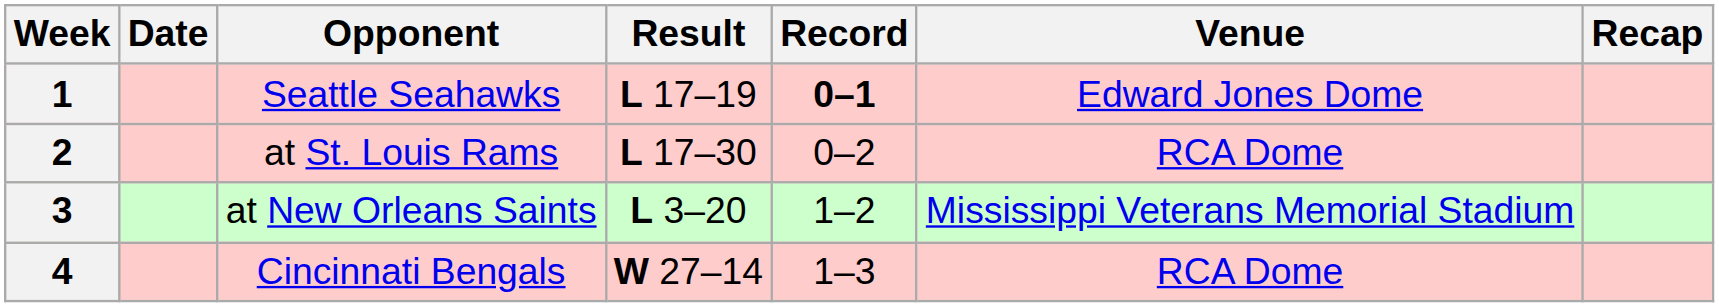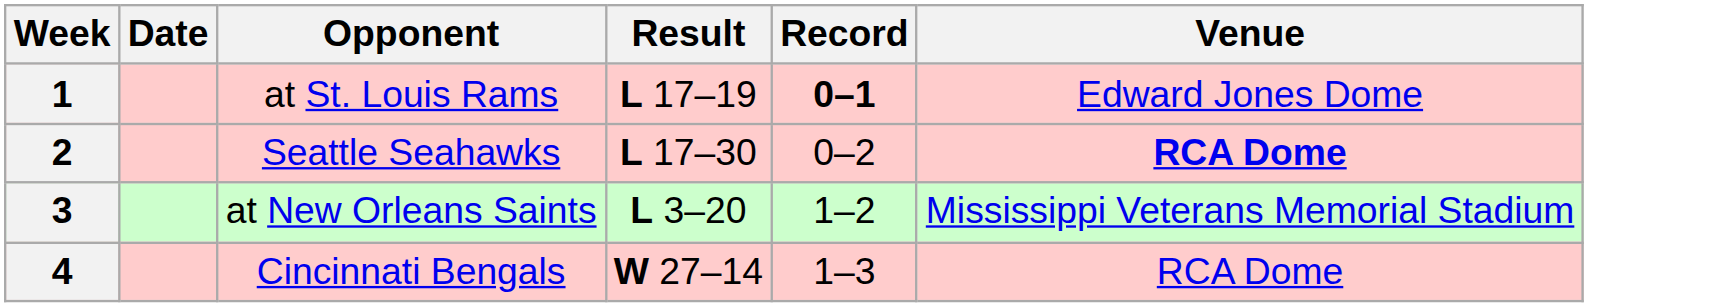 <table class="wikitable" style="text-align:center">
 <tr>
 <th>Week</th>
 <th>Date</th>
 <th>Opponent</th>
 <th>Result</th>
 <th>Record</th>
 <th>Venue</th>
-<th>Recap</th>
 </tr>
 <tr style="background:#fcc;">
 <th>1</th>
 <td></td>
-<td><a href='#'>Seattle Seahawks</a></td>
+<td>at <a href='#'>St. Louis Rams</a></td>
 <td><strong>L</strong> 17–19</td>
 <td><strong>0–1</strong></td>
 <td><a href='#'>Edward Jones Dome</a></td>
-<td></td>
 </tr>
 <tr style="background:#fcc;">
 <th>2</th>
 <td></td>
-<td>at <a href='#'>St. Louis Rams</a></td>
+<td><a href='#'>Seattle Seahawks</a></td>
 <td><strong>L</strong> 17–30</td>
 <td>0–2</td>
-<td><a href='#'>RCA Dome</a></td>
-<td></td>
+<td><strong><a href='#'>RCA Dome</a></strong></td>
 </tr>
 <tr style="background:#cfc;">
 <th>3</th>
 <td></td>
 <td>at <a href='#'>New Orleans Saints</a></td>
 <td><strong>L</strong> 3–20</td>
 <td>1–2</td>
 <td><a href='#'>Mississippi Veterans Memorial Stadium</a></td>
-<td></td>
 </tr>
 <tr style="background:#fcc;">
 <th>4</th>
 <td></td>
 <td><a href='#'>Cincinnati Bengals</a></td>
 <td><strong>W</strong> 27–14</td>
 <td>1–3</td>
 <td><a href='#'>RCA Dome</a></td>
-<td></td>
 </tr>
 </table>
